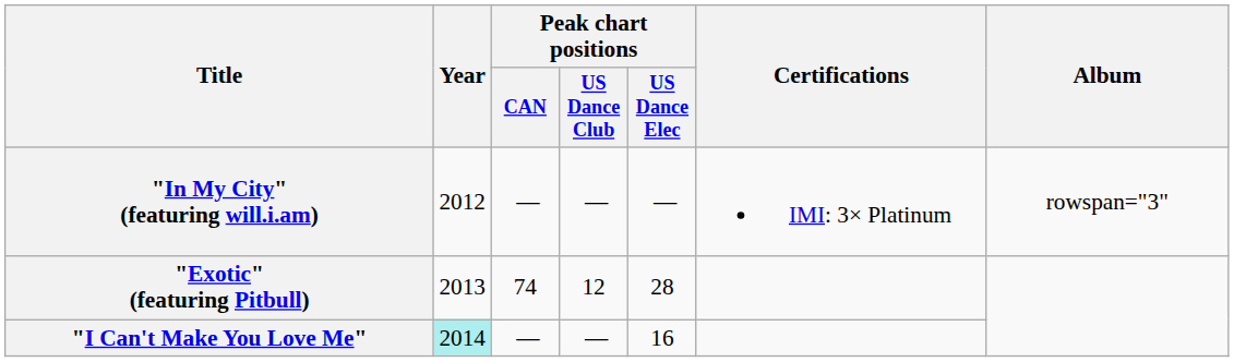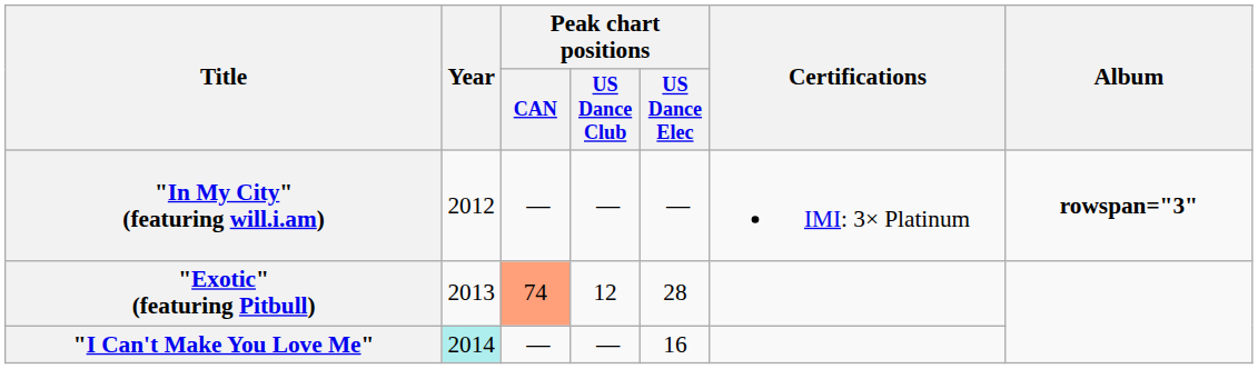 <table class="wikitable plainrowheaders" style="text-align:center;">
 <tr>
 <th scope="col" style="width: 18em;" rowspan="2">Title</th>
 <th scope="col" style="width: 2em;" rowspan="2">Year</th>
 <th scope="col" style="width: 3em;" colspan="3">Peak chart positions</th>
 <th scope="col" rowspan="2" style=" width:12em;">Certifications</th>
 <th scope="col" style="width: 10em;" rowspan="2">Album</th>
 </tr>
 <tr>
 <th scope="col" style="width:3em;font-size:85%"><a href='#'>CAN</a><br></th>
 <th scope="col" style="width:3em;font-size:85%"><a href='#'>US<br>Dance Club</a><br></th>
 <th scope="col" style="width:3em;font-size:85%"><a href='#'>US<br>Dance Elec</a><br></th>
 </tr>
 <tr>
 <th scope="row">"<a href='#'>In My City</a>"<br><span>(featuring <a href='#'>will.i.am</a>)</span></th>
 <td>2012</td>
 <td> —</td>
 <td> —</td>
 <td> —</td>
 <td><br><ul><li><a href='#'>IMI</a>: 3× Platinum</li></ul></td>
-<td>rowspan="3" </td>
+<td><strong>rowspan="3" </strong></td>
 </tr>
 <tr>
 <th scope="row">"<a href='#'>Exotic</a>"<br><span>(featuring <a href='#'>Pitbull</a>)</span></th>
 <td>2013</td>
-<td>74</td>
+<td style="background: lightsalmon;">74</td>
 <td>12</td>
 <td>28</td>
 <td></td>
 </tr>
 <tr>
 <th scope="row">"<a href='#'>I Can't Make You Love Me</a>"</th>
 <td style="background: paleturquoise;">2014</td>
 <td> —</td>
 <td> —</td>
 <td>16</td>
 <td></td>
 </tr>
 </table>
